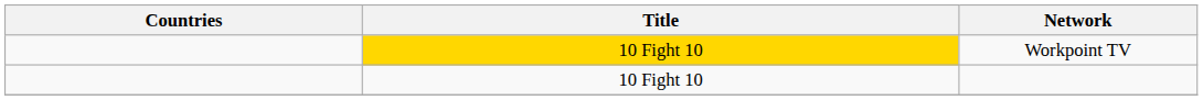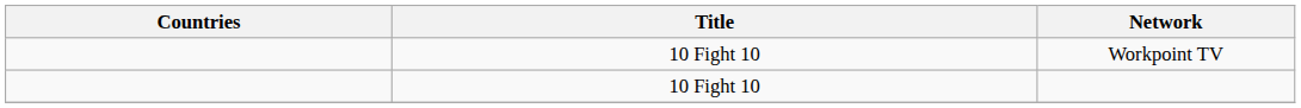 <table class="wikitable" style="text-align:center; font-size:95%; line-height:18px; width:50%;">
 <tr>
 <th width="15%">Countries</th>
 <th width="25%">Title</th>
 <th width="10%">Network</th>
 </tr>
 <tr>
 <td align="left"><br></td>
-<td style="background: gold;">10 Fight 10</td>
+<td>10 Fight 10</td>
 <td>Workpoint TV</td>
 </tr>
 <tr>
 <td align="left"><br></td>
 <td>10 Fight 10</td>
 <td></td>
 </tr>
 <tr>
 </tr>
 </table>
